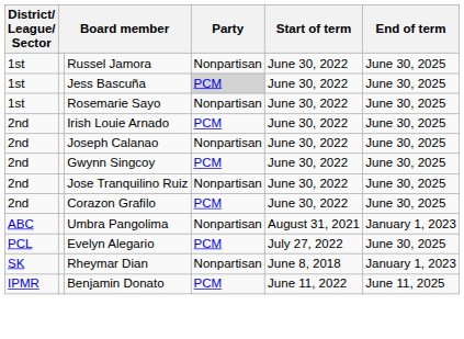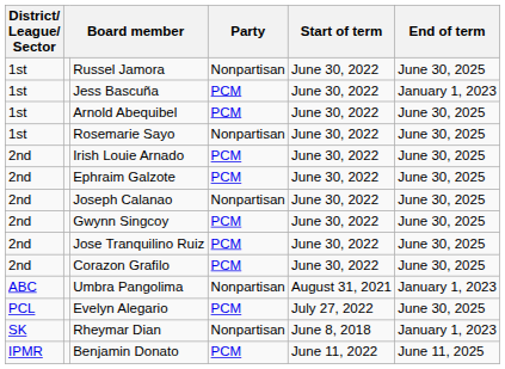 <table class="wikitable">
 <tr>
 <th>District/<br>League/<br>Sector</th>
 <th colspan="2">Board member</th>
 <th>Party</th>
 <th>Start of term</th>
 <th>End of term</th>
 </tr>
 <tr>
 <td>1st</td>
 <td></td>
 <td>Russel Jamora</td>
 <td>Nonpartisan</td>
 <td>June 30, 2022</td>
 <td>June 30, 2025</td>
 </tr>
 <tr>
 <td>1st</td>
 <td></td>
 <td>Jess Bascuña</td>
-<td style="background: lightgrey;"><a href='#'>PCM</a></td>
+<td><a href='#'>PCM</a></td>
+<td>June 30, 2022</td>
+<td>January 1, 2023</td>
+</tr>
+<tr>
+<td>1st</td>
+<td></td>
+<td>Arnold Abequibel</td>
+<td><a href='#'>PCM</a></td>
 <td>June 30, 2022</td>
 <td>June 30, 2025</td>
 </tr>
 <tr>
 <td>1st</td>
 <td></td>
 <td>Rosemarie Sayo</td>
 <td>Nonpartisan</td>
 <td>June 30, 2022</td>
 <td>June 30, 2025</td>
 </tr>
 <tr>
 <td>2nd</td>
 <td></td>
 <td>Irish Louie Arnado</td>
+<td><a href='#'>PCM</a></td>
+<td>June 30, 2022</td>
+<td>June 30, 2025</td>
+</tr>
+<tr>
+<td>2nd</td>
+<td></td>
+<td>Ephraim Galzote</td>
 <td><a href='#'>PCM</a></td>
 <td>June 30, 2022</td>
 <td>June 30, 2025</td>
 </tr>
 <tr>
 <td>2nd</td>
 <td></td>
 <td>Joseph Calanao</td>
 <td>Nonpartisan</td>
 <td>June 30, 2022</td>
 <td>June 30, 2025</td>
 </tr>
 <tr>
 <td>2nd</td>
 <td></td>
 <td>Gwynn Singcoy</td>
 <td><a href='#'>PCM</a></td>
 <td>June 30, 2022</td>
 <td>June 30, 2025</td>
 </tr>
 <tr>
 <td>2nd</td>
 <td></td>
 <td>Jose Tranquilino Ruiz</td>
-<td>Nonpartisan</td>
+<td><a href='#'>PCM</a></td>
 <td>June 30, 2022</td>
 <td>June 30, 2025</td>
 </tr>
 <tr>
 <td>2nd</td>
 <td></td>
 <td>Corazon Grafilo</td>
 <td><a href='#'>PCM</a></td>
 <td>June 30, 2022</td>
 <td>June 30, 2025</td>
 </tr>
 <tr>
 <td><a href='#'>ABC</a></td>
 <td></td>
 <td>Umbra Pangolima</td>
 <td>Nonpartisan</td>
 <td>August 31, 2021</td>
 <td>January 1, 2023</td>
 </tr>
 <tr>
 <td><a href='#'>PCL</a></td>
 <td></td>
 <td>Evelyn Alegario</td>
 <td><a href='#'>PCM</a></td>
 <td>July 27, 2022</td>
 <td>June 30, 2025</td>
 </tr>
 <tr>
 <td><a href='#'>SK</a></td>
 <td></td>
 <td>Rheymar Dian</td>
 <td>Nonpartisan</td>
 <td>June 8, 2018</td>
 <td>January 1, 2023</td>
 </tr>
 <tr>
 <td><a href='#'>IPMR</a></td>
 <td></td>
 <td>Benjamin Donato</td>
 <td><a href='#'>PCM</a></td>
 <td>June 11, 2022</td>
 <td>June 11, 2025</td>
 </tr>
 </table>
